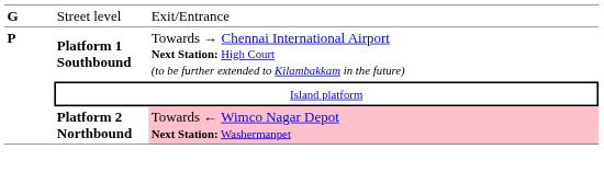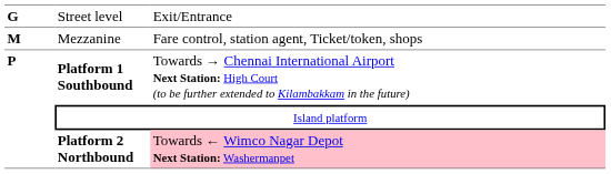 <table border="0" cellspacing="0" cellpadding="3" table>
 <tr>
 <td style="border-top:solid 1px gray;border-bottom:solid 1px gray;" width="50" valign="top"><strong>G</strong></td>
 <td style="border-top:solid 1px gray;border-bottom:solid 1px gray;" width="100" valign="top">Street level</td>
 <td style="border-top:solid 1px gray;border-bottom:solid 1px gray;" width="390" valign="top">Exit/Entrance</td>
+</tr>
+<tr>
+<td style="border-bottom:solid 1px gray;"><strong>M</strong></td>
+<td style="border-bottom:solid 1px gray;">Mezzanine</td>
+<td style="border-bottom:solid 1px gray;">Fare control, station agent, Ticket/token, shops</td>
 </tr>
 <tr>
 <td rowspan="3" style="border-bottom:solid 1px gray;" width="50" valign="top"><strong>P</strong></td>
 <td style="border-bottom:solid 1px white;" width="100"><span><strong>Platform 1</strong><br><strong>Southbound</strong></span></td>
 <td style="border-bottom:solid 1px white;" width="500">Towards → <a href='#'>Chennai International Airport</a><br><small><strong>Next Station:</strong> <a href='#'>High Court</a><em><br>(to be further extended to <a href='#'>Kilambakkam</a> in the future)</em></small></td>
 </tr>
 <tr>
 <td colspan="2" style="border-top:solid 2px black;border-right:solid 2px black;border-left:solid 2px black;border-bottom:solid 2px black;text-align:center;"><small><a href='#'>Island platform</a></small></td>
 </tr>
 <tr>
 <td style="border-bottom:solid 1px gray;" width="100"><span><strong>Platform 2</strong><br><strong>Northbound</strong></span></td>
 <td style="background: pink; border-bottom:solid 1px gray;" width="500">Towards ← <a href='#'>Wimco Nagar Depot</a><br><small><strong>Next Station:</strong> <a href='#'>Washermanpet</a></small></td>
 </tr>
 </table>
